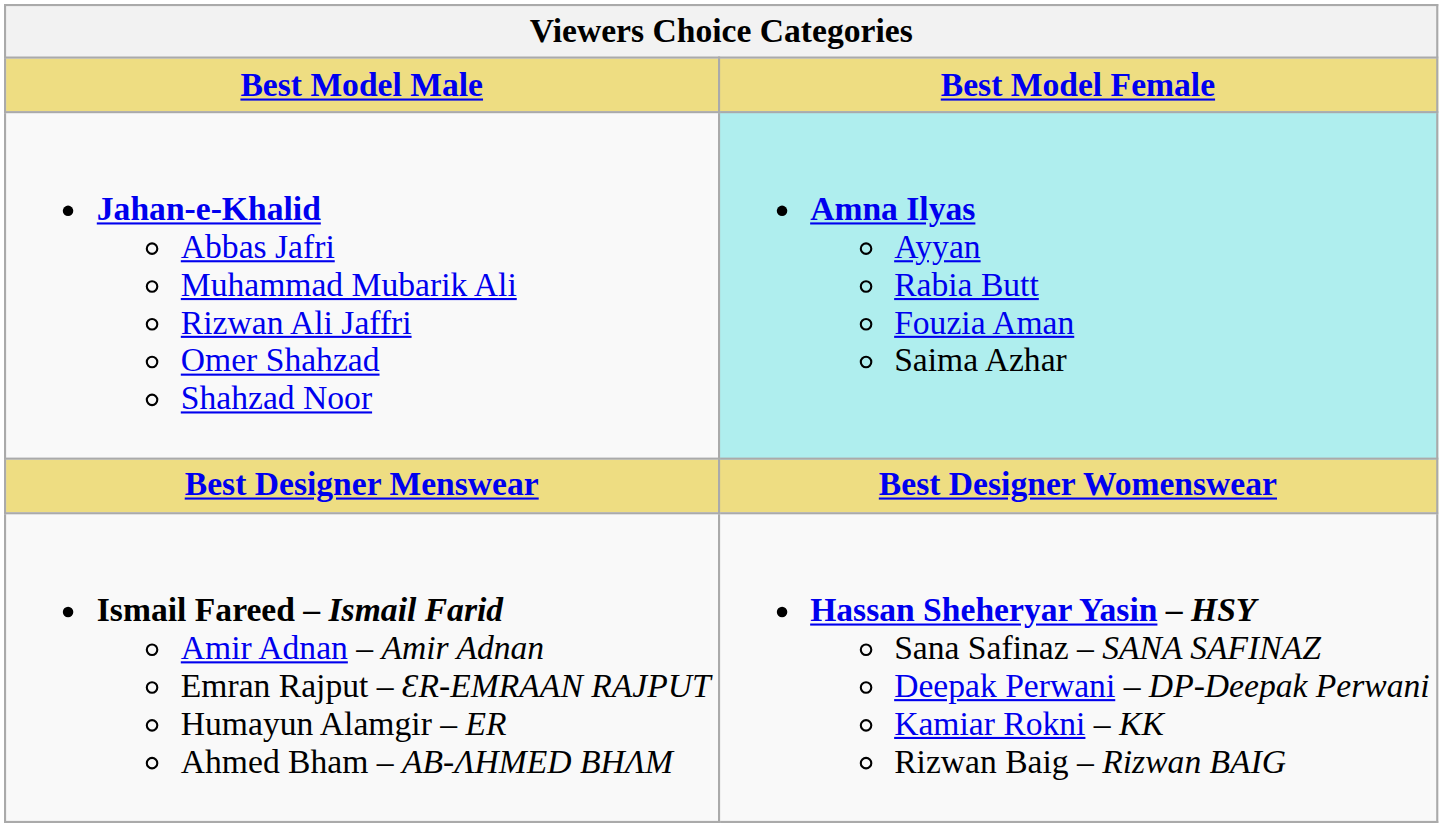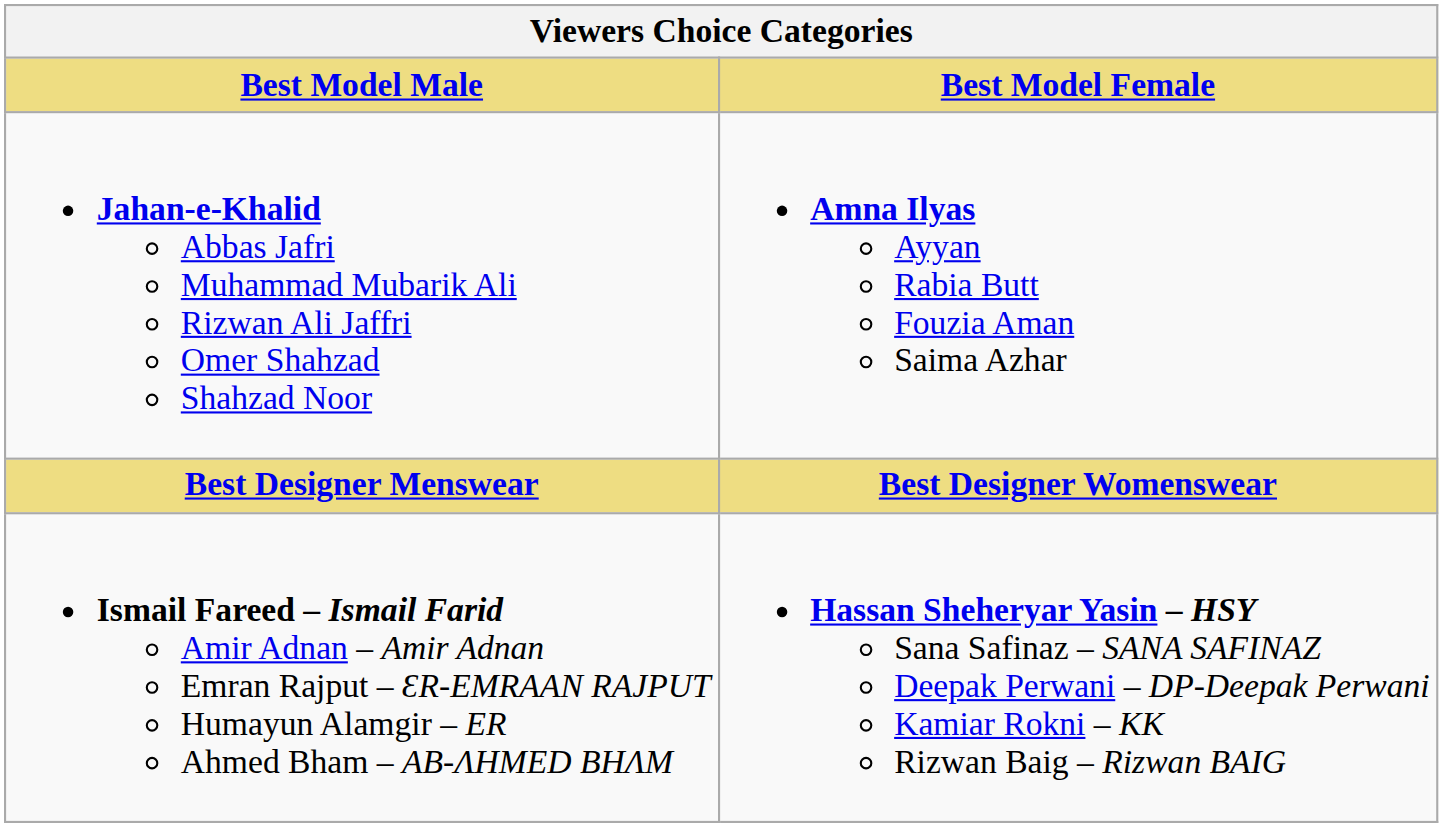 <table class=wikitable>
 <tr>
 <th colspan="2">Viewers Choice Categories</th>
 </tr>
 <tr>
 <th style="background:#EEDD82; ! width:50%"><a href='#'>Best Model Male</a></th>
 <th style="background:#EEDD82; ! width:50%"><a href='#'>Best Model Female</a></th>
 </tr>
 <tr>
 <td valign="top"><br><ul><li><strong><a href='#'>Jahan-e-Khalid</a></strong><ul><li><a href='#'>Abbas Jafri</a></li><li><a href='#'>Muhammad Mubarik Ali</a></li><li><a href='#'>Rizwan Ali Jaffri</a></li><li><a href='#'>Omer Shahzad</a></li><li><a href='#'>Shahzad Noor</a></li></ul></li></ul></td>
-<td valign="top" style="background: paleturquoise;"><br><ul><li><strong><a href='#'>Amna Ilyas</a></strong><ul><li><a href='#'>Ayyan</a></li><li><a href='#'>Rabia Butt</a></li><li><a href='#'>Fouzia Aman</a></li><li>Saima Azhar</li></ul></li></ul></td>
+<td valign="top"><br><ul><li><strong><a href='#'>Amna Ilyas</a></strong><ul><li><a href='#'>Ayyan</a></li><li><a href='#'>Rabia Butt</a></li><li><a href='#'>Fouzia Aman</a></li><li>Saima Azhar</li></ul></li></ul></td>
 </tr>
 <tr>
 <th style="background:#EEDD82; ! width:50%"><a href='#'>Best Designer Menswear</a></th>
 <th style="background:#EEDD82; ! width:50%"><a href='#'>Best Designer Womenswear</a></th>
 </tr>
 <tr>
 <td valign="top"><br><ul><li><strong>Ismail Fareed – <span><em>Ismail Farid</em></span> </strong><ul><li><a href='#'>Amir Adnan</a> –  <span><em>Amir Adnan</em> </span></li><li>Emran Rajput – <em>ԐR-EMRAAN RAJPUT</em></li><li>Humayun Alamgir – <span><em>ER</em> </span></li><li>Ahmed Bham – <em>AB-ΛHMED BHΛM</em></li></ul></li></ul></td>
 <td valign="top"><br><ul><li><strong><a href='#'>Hassan Sheheryar Yasin</a> – <span><em>HSY</em></span></strong><ul><li>Sana Safinaz – <span><em>SANA SAFINAZ </em></span></li><li><a href='#'>Deepak Perwani</a> – <em>DP-Deepak Perwani</em></li><li><a href='#'>Kamiar Rokni</a> – <em>ΚK</em></li><li>Rizwan Baig – <em>Rizwan BAIG</em></li></ul></li></ul></td>
 </tr>
 </table>
